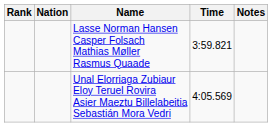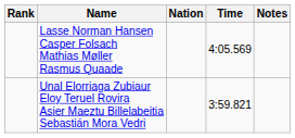 <table class="wikitable sortable" style="text-align:center">
 <tr>
 <th>Rank</th>
+<th>Name</th>
 <th>Nation</th>
-<th>Name</th>
 <th>Time</th>
 <th>Notes</th>
 </tr>
 <tr>
 <td></td>
+<td align=left><a href='#'>Lasse Norman Hansen</a><br><a href='#'>Casper Folsach</a><br><a href='#'>Mathias Møller</a><br><a href='#'>Rasmus Quaade</a></td>
 <td align=left></td>
-<td align=left><a href='#'>Lasse Norman Hansen</a><br><a href='#'>Casper Folsach</a><br><a href='#'>Mathias Møller</a><br><a href='#'>Rasmus Quaade</a></td>
-<td>3:59.821</td>
+<td>4:05.569</td>
 <td></td>
 </tr>
 <tr>
 <td></td>
+<td align=left><a href='#'>Unal Elorriaga Zubiaur</a><br><a href='#'>Eloy Teruel Rovira</a><br><a href='#'>Asier Maeztu Billelabeitia</a><br><a href='#'>Sebastián Mora Vedri</a></td>
 <td align=left></td>
-<td align=left><a href='#'>Unal Elorriaga Zubiaur</a><br><a href='#'>Eloy Teruel Rovira</a><br><a href='#'>Asier Maeztu Billelabeitia</a><br><a href='#'>Sebastián Mora Vedri</a></td>
-<td>4:05.569</td>
+<td>3:59.821</td>
 <td></td>
 </tr>
 </table>
